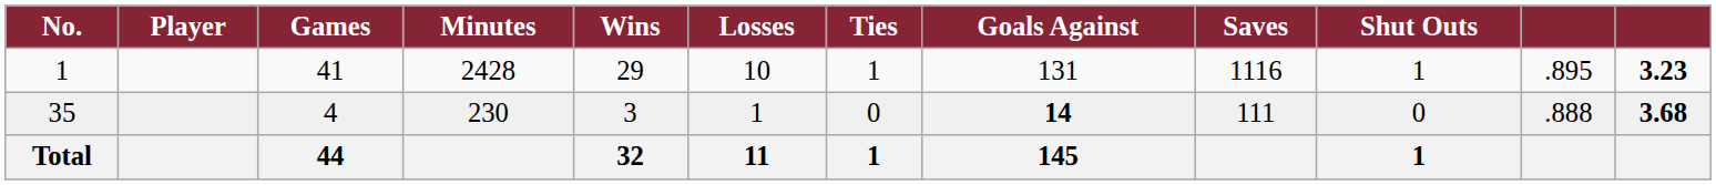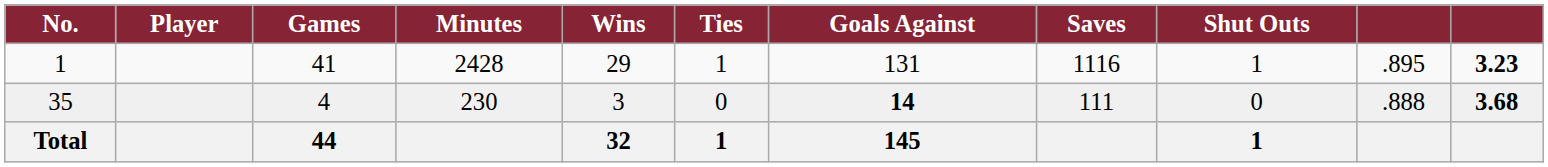 <table class="wikitable sortable" width ="1000">
 <tr align="center">
 <th style="color:white; background:#862334; ">No.</th>
 <th style="color:white; background:#862334; ">Player</th>
 <th style="color:white; background:#862334; ">Games</th>
 <th style="color:white; background:#862334; ">Minutes</th>
 <th style="color:white; background:#862334; ">Wins</th>
-<th style="color:white; background:#862334; ">Losses</th>
 <th style="color:white; background:#862334; ">Ties</th>
 <th style="color:white; background:#862334; ">Goals Against</th>
 <th style="color:white; background:#862334; ">Saves</th>
 <th style="color:white; background:#862334; ">Shut Outs</th>
 <th style="color:white; background:#862334; "><a href='#'></a></th>
 <th style="color:white; background:#862334; "><a href='#'></a></th>
 </tr>
 <tr align="center">
 <td>1</td>
 <td></td>
 <td>41</td>
 <td>2428</td>
 <td>29</td>
-<td>10</td>
 <td>1</td>
 <td>131</td>
 <td>1116</td>
 <td>1</td>
 <td>.895</td>
 <td><strong>3.23</strong></td>
 </tr>
 <tr align="center" bgcolor="#f0f0f0">
 <td>35</td>
 <td></td>
 <td>4</td>
 <td>230</td>
 <td>3</td>
-<td>1</td>
 <td>0</td>
 <td><strong>14</strong></td>
 <td>111</td>
 <td>0</td>
 <td>.888</td>
 <td><strong>3.68</strong></td>
 </tr>
 <tr>
 <th>Total</th>
 <th></th>
 <th>44</th>
 <th></th>
 <th>32</th>
-<th>11</th>
 <th>1</th>
 <th>145</th>
 <th></th>
 <th>1</th>
 <th></th>
 <th></th>
 </tr>
 </table>
